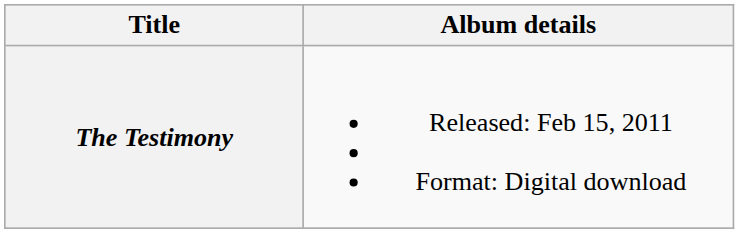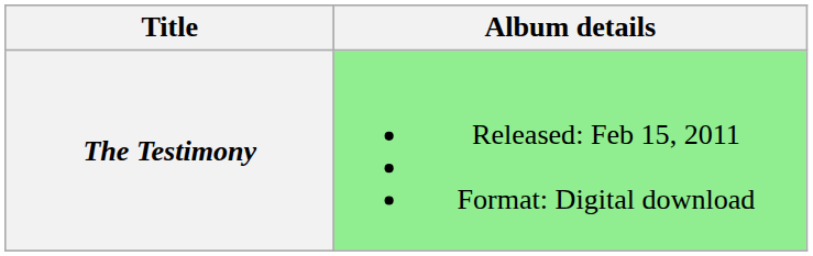 <table class="wikitable plainrowheaders" style="text-align:center;">
 <tr>
 <th scope="col" style="width:11em;">Title</th>
 <th scope="col" style="width:16em;">Album details</th>
 </tr>
 <tr>
 <th scope="row"><em>The Testimony</em></th>
-<td><br><ul><li>Released: Feb 15, 2011</li><li></li><li>Format: Digital download</li></ul></td>
+<td style="background: lightgreen;"><br><ul><li>Released: Feb 15, 2011</li><li></li><li>Format: Digital download</li></ul></td>
 </tr>
 </table>
